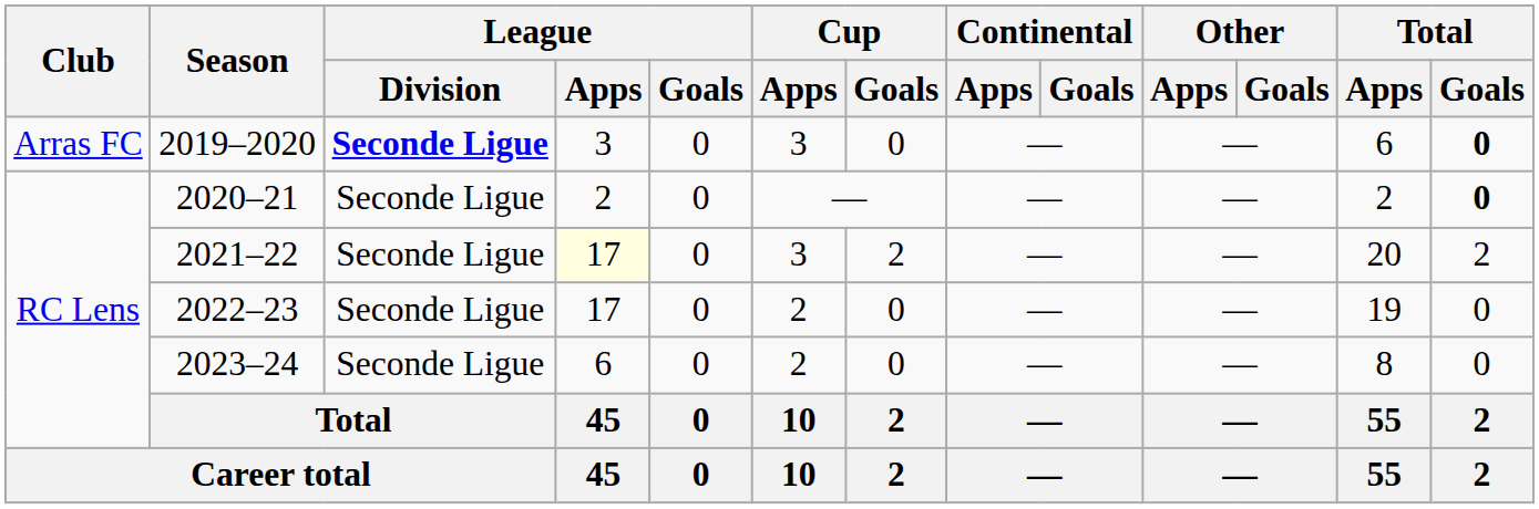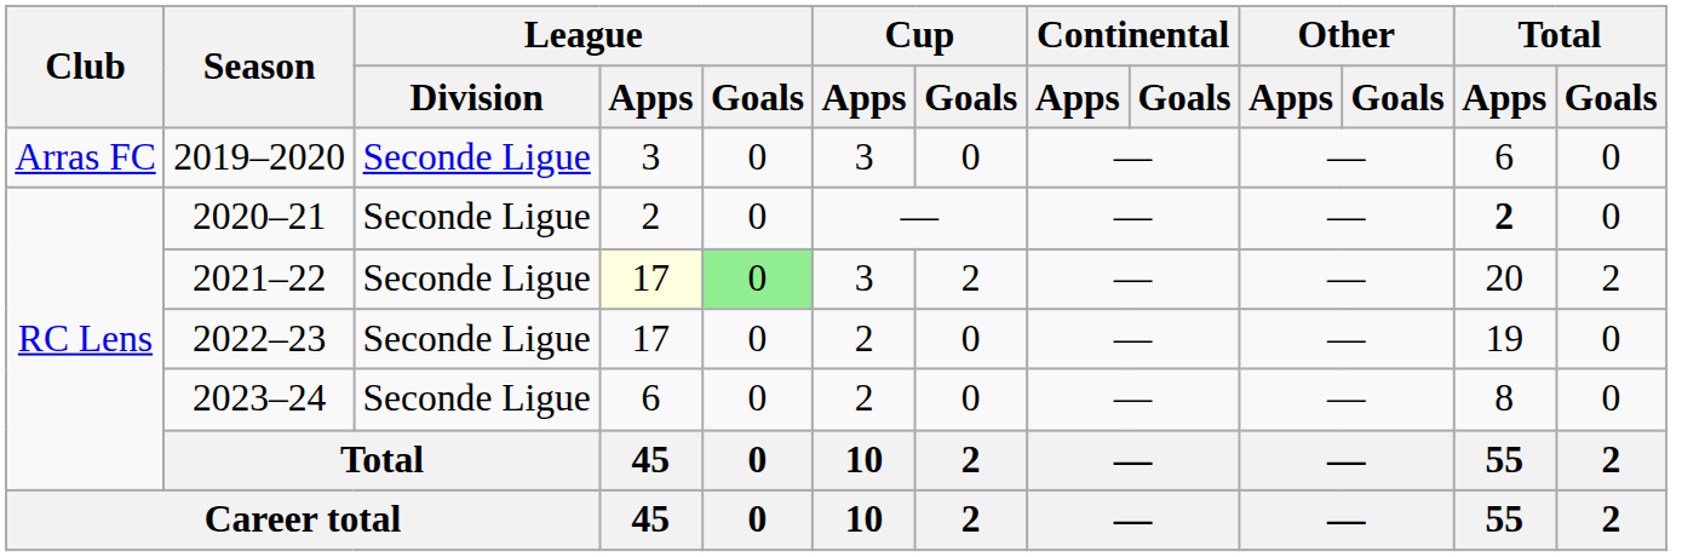 <table class="wikitable" style="text-align: center;">
 <tr>
 <th rowspan="2">Club</th>
 <th rowspan="2">Season</th>
 <th colspan="3">League</th>
 <th colspan="2">Cup</th>
 <th colspan="2">Continental</th>
 <th colspan="2">Other</th>
 <th colspan="2">Total</th>
 </tr>
 <tr>
 <th>Division</th>
 <th>Apps</th>
 <th>Goals</th>
 <th>Apps</th>
 <th>Goals</th>
 <th>Apps</th>
 <th>Goals</th>
 <th>Apps</th>
 <th>Goals</th>
 <th>Apps</th>
 <th>Goals</th>
 </tr>
 <tr>
 <td><a href='#'>Arras FC</a></td>
 <td>2019–2020</td>
-<td><strong><a href='#'>Seconde Ligue</a></strong></td>
+<td><a href='#'>Seconde Ligue</a></td>
 <td>3</td>
 <td>0</td>
 <td>3</td>
 <td>0</td>
 <td colspan="2">—</td>
 <td colspan="2">—</td>
 <td>6</td>
-<td><strong>0</strong></td>
+<td>0</td>
 </tr>
 <tr>
 <td rowspan="5"><a href='#'>RC Lens</a></td>
 <td>2020–21</td>
 <td>Seconde Ligue</td>
 <td>2</td>
 <td>0</td>
 <td colspan="2">—</td>
 <td colspan="2">—</td>
 <td colspan="2">—</td>
-<td>2</td>
-<td><strong>0</strong></td>
+<td><strong>2</strong></td>
+<td>0</td>
 </tr>
 <tr>
 <td>2021–22</td>
 <td>Seconde Ligue</td>
 <td style="background: lightyellow;">17</td>
-<td>0</td>
+<td style="background: lightgreen;">0</td>
 <td>3</td>
 <td>2</td>
 <td colspan="2">—</td>
 <td colspan="2">—</td>
 <td>20</td>
 <td>2</td>
 </tr>
 <tr>
 <td>2022–23</td>
 <td>Seconde Ligue</td>
 <td>17</td>
 <td>0</td>
 <td>2</td>
 <td>0</td>
 <td colspan="2">—</td>
 <td colspan="2">—</td>
 <td>19</td>
 <td>0</td>
 </tr>
 <tr>
 <td>2023–24</td>
 <td>Seconde Ligue</td>
 <td>6</td>
 <td>0</td>
 <td>2</td>
 <td>0</td>
 <td colspan="2">—</td>
 <td colspan="2">—</td>
 <td>8</td>
 <td>0</td>
 </tr>
 <tr>
 <th colspan=2>Total</th>
 <th>45</th>
 <th>0</th>
 <th>10</th>
 <th>2</th>
 <th colspan="2">—</th>
 <th colspan="2">—</th>
 <th>55</th>
 <th>2</th>
 </tr>
 <tr>
 <th colspan=3>Career total</th>
 <th>45</th>
 <th>0</th>
 <th>10</th>
 <th>2</th>
 <th colspan="2">—</th>
 <th colspan="2">—</th>
 <th>55</th>
 <th>2</th>
 </tr>
 </table>
